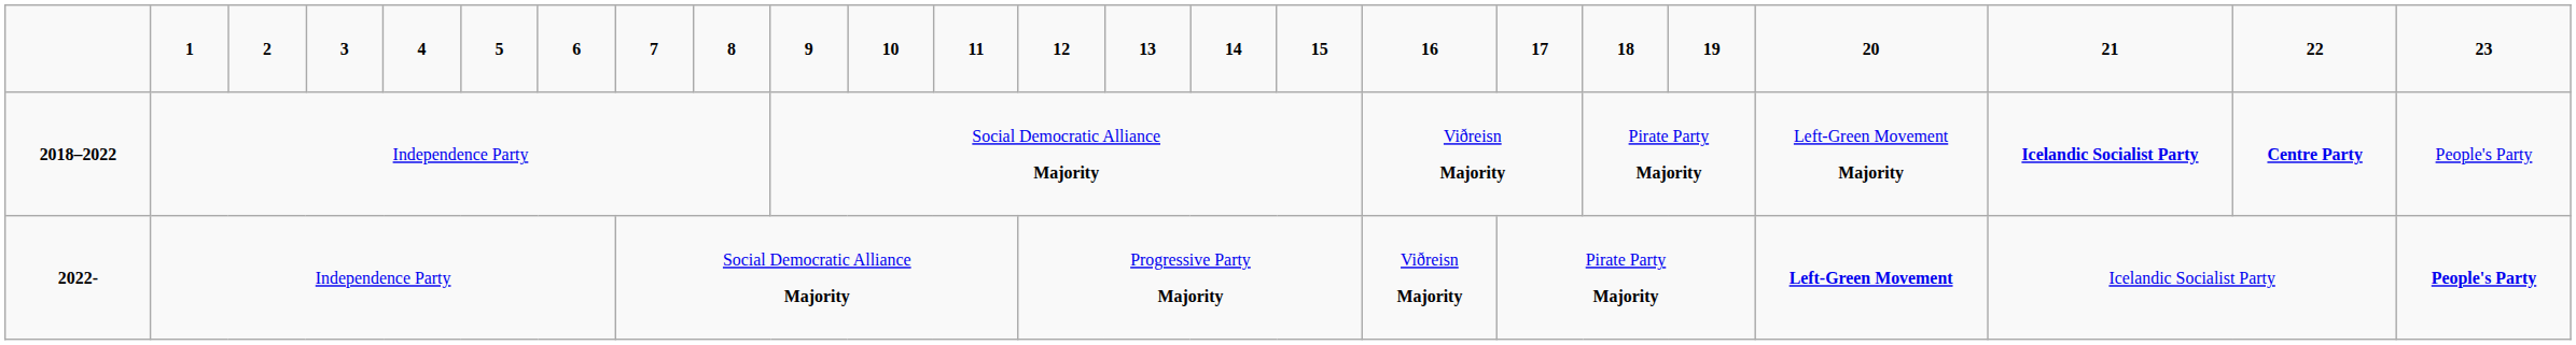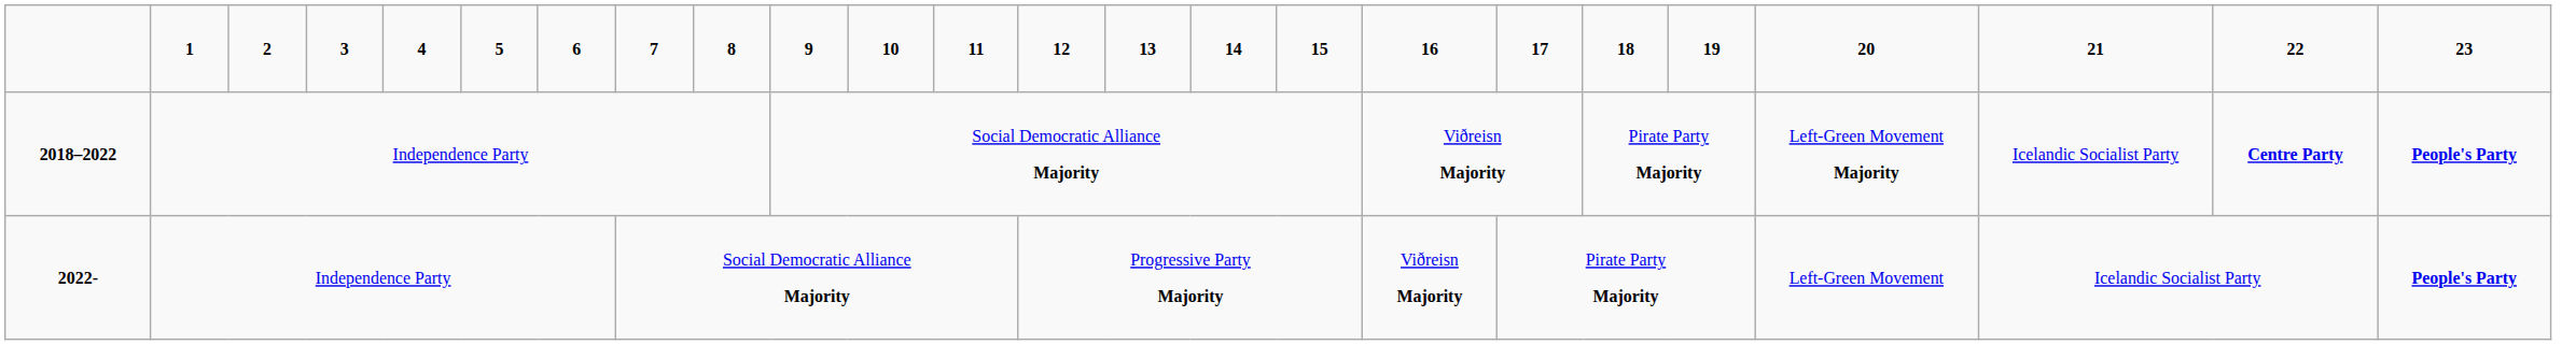 <table border=1 cellpadding=22 cellspacing=0 style="background: #f9f9f9; border: 1px #aaaaaa solid; border-collapse: collapse; font-size: 70%; text-align: center;">
 <tr>
 <th></th>
 <th>1</th>
 <th>2</th>
 <th>3</th>
 <th>4</th>
 <th>5</th>
 <th>6</th>
 <th>7</th>
 <th>8</th>
 <th>9</th>
 <th>10</th>
 <th>11</th>
 <th>12</th>
 <th>13</th>
 <th>14</th>
 <th>15</th>
 <th>16</th>
 <th>17</th>
 <th>18</th>
 <th>19</th>
 <th>20</th>
 <th>21</th>
 <th>22</th>
 <th>23</th>
 </tr>
 <tr>
 <th>2018–2022</th>
 <td colspan="8" rowspan="1"><a href='#'>Independence Party</a></td>
 <td colspan="7" rowspan="1"><a href='#'>Social Democratic Alliance</a><br><br><strong>Majority</strong></td>
 <td colspan="2" rowspan="1"><a href='#'>Viðreisn</a><br><br><strong>Majority</strong></td>
 <td colspan="2" rowspan="1"><a href='#'>Pirate Party</a><br><br><strong>Majority</strong></td>
 <td colspan="1" rowspan="1"><a href='#'>Left-Green Movement</a><br><br><strong>Majority</strong></td>
-<td colspan="1" rowspan="1"><strong><a href='#'>Icelandic Socialist Party</a></strong></td>
+<td colspan="1" rowspan="1"><a href='#'>Icelandic Socialist Party</a></td>
 <td colspan="1" rowspan="1"><strong><a href='#'>Centre Party</a></strong></td>
-<td colspan="1" rowspan="1"><a href='#'>People's Party</a></td>
+<td colspan="1" rowspan="1"><strong><a href='#'>People's Party</a></strong></td>
 </tr>
 <tr>
 <th>2022-</th>
 <td colspan="6" rowspan="1"><a href='#'>Independence Party</a></td>
 <td colspan="5" rowspan="1"><a href='#'>Social Democratic Alliance</a><br><br><strong>Majority</strong></td>
 <td colspan="4" rowspan="1"><a href='#'>Progressive Party</a><br><br><strong>Majority</strong></td>
 <td colspan="1" rowspan="1"><a href='#'>Viðreisn</a><br><br><strong>Majority</strong></td>
 <td colspan="3" rowspan="1"><a href='#'>Pirate Party</a><br><br><strong>Majority</strong></td>
-<td colspan="1" rowspan="1"><strong><a href='#'>Left-Green Movement</a><br></strong></td>
+<td colspan="1" rowspan="1"><a href='#'>Left-Green Movement</a><br></td>
 <td colspan="2" rowspan="1"><a href='#'>Icelandic Socialist Party</a></td>
 <td colspan="1" rowspan="1"><strong><a href='#'>People's Party</a></strong></td>
 </tr>
 </table>
